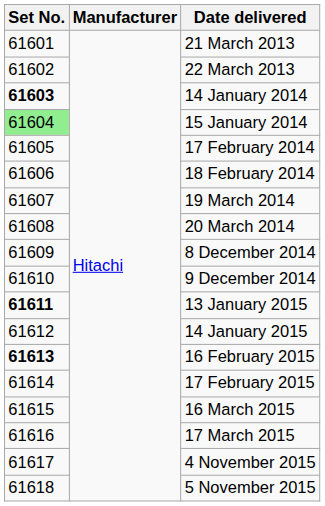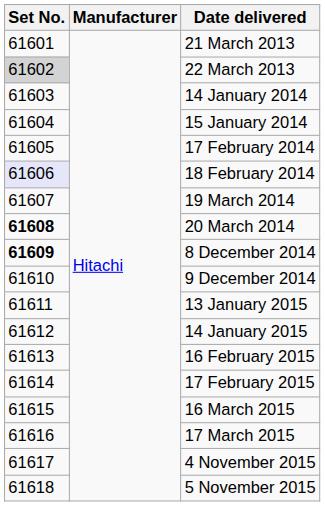 <table class="wikitable">
 <tr>
 <th>Set No.</th>
 <th>Manufacturer</th>
 <th>Date delivered</th>
 </tr>
 <tr>
 <td>61601</td>
 <td rowspan="18"><a href='#'>Hitachi</a></td>
 <td>21 March 2013</td>
 </tr>
 <tr>
-<td>61602</td>
+<td style="background: lightgrey;">61602</td>
 <td>22 March 2013</td>
 </tr>
 <tr>
-<td><strong>61603</strong></td>
+<td>61603</td>
 <td>14 January 2014</td>
 </tr>
 <tr>
-<td style="background: lightgreen;">61604</td>
+<td>61604</td>
 <td>15 January 2014</td>
 </tr>
 <tr>
 <td>61605</td>
 <td>17 February 2014</td>
 </tr>
 <tr>
-<td>61606</td>
+<td style="background: lavender;">61606</td>
 <td>18 February 2014</td>
 </tr>
 <tr>
 <td>61607</td>
 <td>19 March 2014</td>
 </tr>
 <tr>
-<td>61608</td>
+<td><strong>61608</strong></td>
 <td>20 March 2014</td>
 </tr>
 <tr>
-<td>61609</td>
+<td><strong>61609</strong></td>
 <td>8 December 2014</td>
 </tr>
 <tr>
 <td>61610</td>
 <td>9 December 2014</td>
 </tr>
 <tr>
-<td><strong>61611</strong></td>
+<td>61611</td>
 <td>13 January 2015</td>
 </tr>
 <tr>
 <td>61612</td>
 <td>14 January 2015</td>
 </tr>
 <tr>
-<td><strong>61613</strong></td>
+<td>61613</td>
 <td>16 February 2015</td>
 </tr>
 <tr>
 <td>61614</td>
 <td>17 February 2015</td>
 </tr>
 <tr>
 <td>61615</td>
 <td>16 March 2015</td>
 </tr>
 <tr>
 <td>61616</td>
 <td>17 March 2015</td>
 </tr>
 <tr>
 <td>61617</td>
 <td>4 November 2015</td>
 </tr>
 <tr>
 <td>61618</td>
 <td>5 November 2015</td>
 </tr>
 </table>
